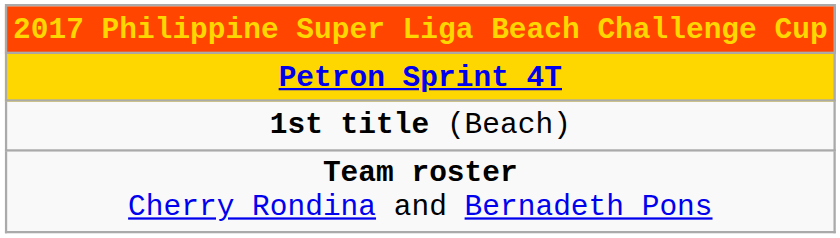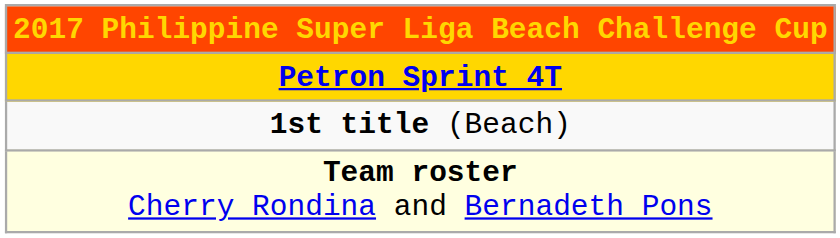 <table class=wikitable style="text-align:center; margin:auto;">
 <tr>
 <th style="background:#FF4500; color:#FFD700;">2017 Philippine Super Liga Beach Challenge Cup</th>
 </tr>
 <tr bgcolor="gold">
 <td><strong><a href='#'>Petron Sprint 4T</a></strong></td>
 </tr>
 <tr>
 <td><strong>1st title</strong> (Beach)</td>
 </tr>
 <tr>
-<td><strong>Team roster</strong><br><a href='#'>Cherry Rondina</a> and <a href='#'>Bernadeth Pons</a></td>
+<td style="background: lightyellow;"><strong>Team roster</strong><br><a href='#'>Cherry Rondina</a> and <a href='#'>Bernadeth Pons</a></td>
 </tr>
 </table>
